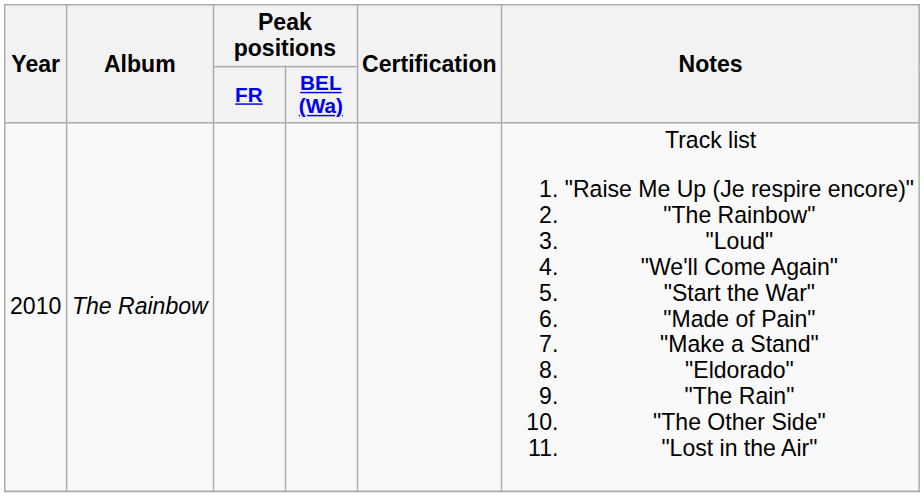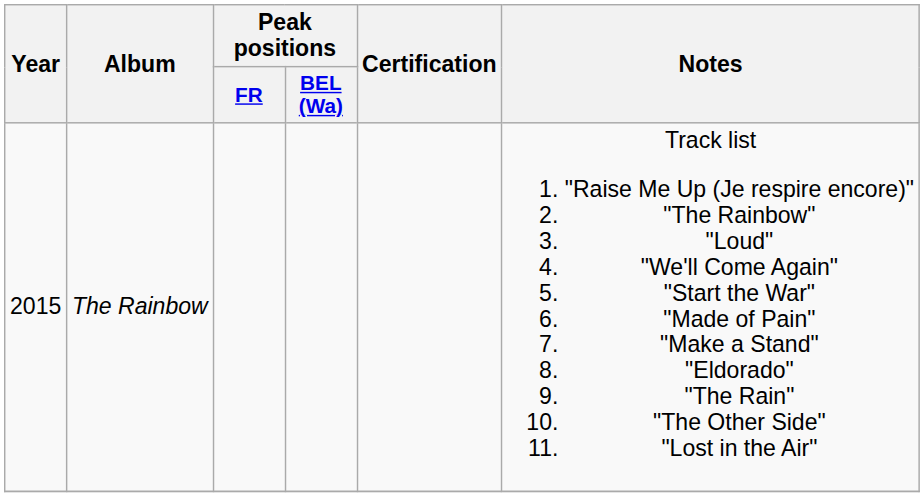 <table class="wikitable">
 <tr>
 <th align="center" rowspan="2">Year</th>
 <th align="center" rowspan="2">Album</th>
 <th align="center" colspan="2">Peak positions</th>
 <th align="center" rowspan="2">Certification</th>
 <th align="center" rowspan="2">Notes</th>
 </tr>
 <tr>
 <th scope="col" style="width:3em;font-size:90%;"><a href='#'>FR</a><br></th>
 <th scope="col" style="width:3em;font-size:90%;"><a href='#'>BEL <br>(Wa)</a><br></th>
 </tr>
 <tr>
-<td style="text-align:center;">2010</td>
+<td style="text-align:center;">2015</td>
 <td><em>The Rainbow</em></td>
 <td style="text-align:center;"></td>
 <td style="text-align:center;"></td>
 <td style="text-align:center;"></td>
 <td style="text-align:center;">Track list<br><ol><li>"Raise Me Up (Je respire encore)"</li><li>"The Rainbow"</li><li>"Loud"</li><li>"We'll Come Again"</li><li>"Start the War"</li><li>"Made of Pain"</li><li>"Make a Stand"</li><li>"Eldorado"</li><li>"The Rain"</li><li>"The Other Side"</li><li>"Lost in the Air"</li></ol></td>
 </tr>
 <tr>
 </tr>
 </table>
